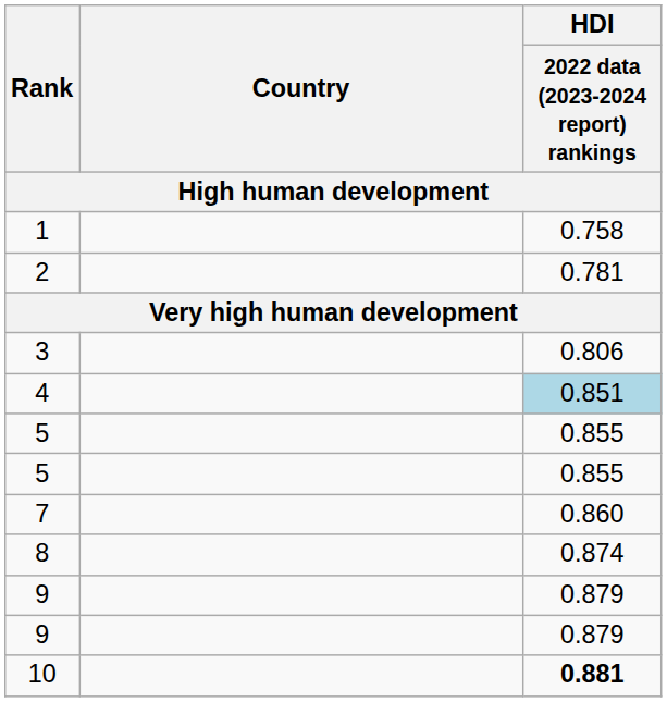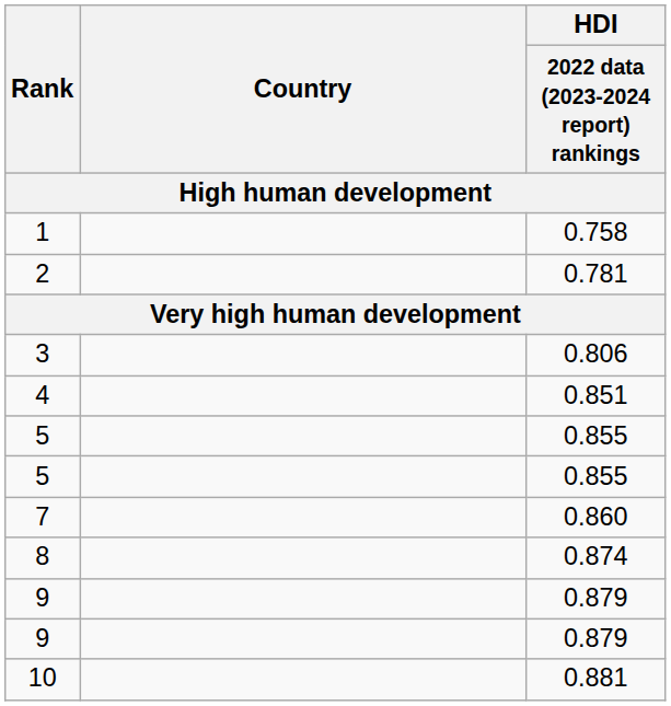 <table class="wikitable sortable" style="text-align:center">
 <tr>
 <th scope="col" rowspan="2">Rank</th>
 <th scope="col" rowspan="2" style="width:17em;">Country</th>
 <th scope="col" colspan="2">HDI</th>
 </tr>
 <tr>
 <th scope="col" style="width:5em;"><small>2022 data (2023-2024 report) rankings</small></th>
 </tr>
 <tr>
 <th scope="row" colspan="3">High human development</th>
 </tr>
 <tr>
 <td>1</td>
 <td style="text-align:left"></td>
 <td>0.758</td>
 </tr>
 <tr>
 <td>2</td>
 <td style="text-align:left"></td>
 <td>0.781</td>
 </tr>
 <tr>
 <th scope="row" colspan="4">Very high human development</th>
 </tr>
 <tr>
 <td>3</td>
 <td style="text-align:left"></td>
 <td>0.806</td>
 </tr>
 <tr>
 <td>4</td>
 <td style="text-align:left"></td>
-<td style="background: lightblue;">0.851</td>
+<td>0.851</td>
 </tr>
 <tr>
 <td>5</td>
 <td style="text-align:left"></td>
 <td>0.855</td>
 </tr>
 <tr>
 <td>5</td>
 <td style="text-align:left"></td>
 <td>0.855</td>
 </tr>
 <tr>
 <td>7</td>
 <td style="text-align:left"></td>
 <td>0.860</td>
 </tr>
 <tr>
 <td>8</td>
 <td style="text-align:left"></td>
 <td>0.874</td>
 </tr>
 <tr>
 <td>9</td>
 <td style="text-align:left"></td>
 <td>0.879</td>
 </tr>
 <tr>
 <td>9</td>
 <td style="text-align:left"></td>
 <td>0.879</td>
 </tr>
 <tr>
 <td>10</td>
 <td style="text-align:left"></td>
-<td><strong>0.881</strong></td>
+<td>0.881</td>
 </tr>
 </table>
